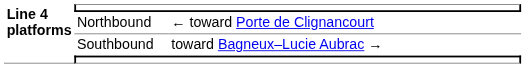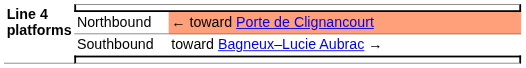 <table border=0 cellspacing=0 cellpadding=3>
 <tr>
 <td style="border-bottom:solid 1px gray;" width=50 rowspan=10 valign=top><strong>Line 4 platforms</strong></td>
 <td style="border-top:solid 1px gray;border-right:solid 2px black;border-left:solid 2px black;border-bottom:solid 2px black;text-align:center;" colspan=2></td>
 </tr>
 <tr>
 <td style="border-bottom:solid 1px gray;" width=100>Northbound</td>
-<td style="border-bottom:solid 1px gray;" width=390>←   toward <a href='#'>Porte de Clignancourt</a> </td>
+<td style="background: lightsalmon; border-bottom:solid 1px gray;" width=390>←   toward <a href='#'>Porte de Clignancourt</a> </td>
 </tr>
 <tr>
 <td>Southbound</td>
 <td>   toward <a href='#'>Bagneux–Lucie Aubrac</a>  →</td>
 </tr>
 <tr>
 <td style="border-top:solid 2px black;border-right:solid 2px black;border-left:solid 2px black;border-bottom:solid 1px gray;text-align:center;" colspan=2></td>
 </tr>
 </table>
